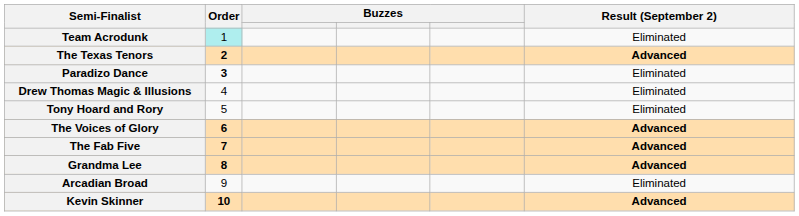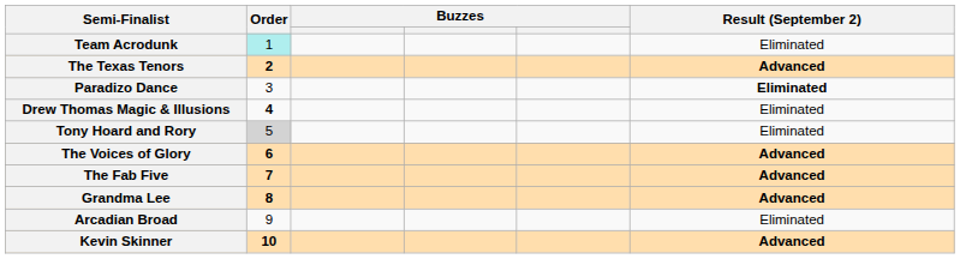 <table class="wikitable plainrowheaders sortable" style="text-align:center;">
 <tr>
 <th scope="col" rowspan="2" class="unsortable" style="width:17em;">Semi-Finalist</th>
 <th scope="col" rowspan="2" style="width:1em;">Order</th>
 <th scope="col" colspan="3" class="unsortable" style="width:24em;">Buzzes</th>
 <th scope="col" rowspan="2" style="width:23em;">Result (September 2)</th>
 </tr>
 <tr>
 <th scope="col" class="unsortable" style="width:6em;"></th>
 <th scope="col" class="unsortable" style="width:6em;"></th>
 <th scope="col" class="unsortable" style="width:6em;"></th>
 </tr>
 <tr>
 <th scope="row">Team Acrodunk</th>
 <td style="background: paleturquoise;">1</td>
 <td style="text-align:center;"></td>
 <td style="text-align:center;"></td>
 <td style="text-align:center;"></td>
 <td>Eliminated</td>
 </tr>
 <tr style="background:NavajoWhite;">
 <th scope="row"><strong>The Texas Tenors</strong></th>
 <td><strong>2</strong></td>
 <td style="text-align:center;"></td>
 <td style="text-align:center;"></td>
 <td style="text-align:center;"></td>
 <td><strong>Advanced</strong></td>
 </tr>
 <tr>
 <th scope="row">Paradizo Dance</th>
-<td><strong>3</strong></td>
+<td>3</td>
 <td style="text-align: center;"></td>
 <td style="text-align: center;"></td>
 <td style="text-align: center;"></td>
-<td>Eliminated</td>
+<td><strong>Eliminated</strong></td>
 </tr>
 <tr>
 <th scope="row">Drew Thomas Magic & Illusions</th>
-<td>4</td>
+<td><strong>4</strong></td>
 <td style="text-align:center;"></td>
 <td style="text-align:center;"></td>
 <td style="text-align:center;"></td>
 <td>Eliminated</td>
 </tr>
 <tr>
 <th scope="row">Tony Hoard and Rory</th>
-<td>5</td>
+<td style="background: lightgrey;">5</td>
 <td style="text-align: center;"></td>
 <td style="text-align: center;"></td>
 <td style="text-align: center;"></td>
 <td>Eliminated</td>
 </tr>
 <tr style="background:NavajoWhite;">
 <th scope="row"><strong>The Voices of Glory</strong> </th>
 <td><strong>6</strong></td>
 <td style="text-align:center;"></td>
 <td style="text-align:center;"></td>
 <td style="text-align:center;"></td>
 <td><strong>Advanced</strong></td>
 </tr>
 <tr style="background:NavajoWhite;">
 <th scope="row"><strong>The Fab Five</strong> </th>
 <td><strong>7</strong></td>
 <td style="text-align:center;"></td>
 <td style="text-align:center;"></td>
 <td style="text-align:center;"></td>
 <td><strong>Advanced</strong></td>
 </tr>
 <tr style="background:NavajoWhite;">
 <th scope="row"><strong>Grandma Lee</strong></th>
 <td><strong>8</strong></td>
 <td style="text-align:center;"></td>
 <td style="text-align:center;"></td>
 <td style="text-align:center;"></td>
 <td><strong>Advanced</strong></td>
 </tr>
 <tr>
 <th scope="row">Arcadian Broad</th>
 <td>9</td>
 <td style="text-align:center;"></td>
 <td style="text-align:center;"></td>
 <td style="text-align:center;"></td>
 <td>Eliminated</td>
 </tr>
 <tr style="background:NavajoWhite;">
 <th scope="row"><strong>Kevin Skinner</strong></th>
 <td><strong>10</strong></td>
 <td style="text-align:center;"></td>
 <td style="text-align:center;"></td>
 <td style="text-align:center;"></td>
 <td><strong>Advanced</strong></td>
 </tr>
 </table>
